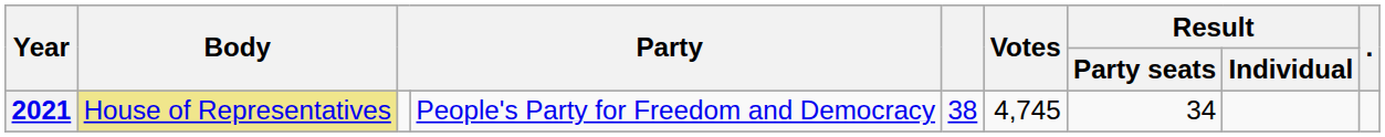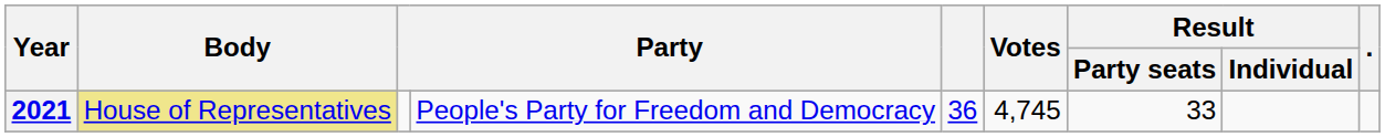 <table class="wikitable plainrowheaders sortable" border=2 cellpadding=4 cellspacing=0 style="border: 1px #aaa solid; font-size: 90%; text-align:center;">
 <tr>
 <th scope="col" rowspan=2>Year</th>
 <th scope="col" rowspan=2>Body</th>
 <th scope="col" colspan=2 rowspan=2>Party</th>
 <th scope="col" rowspan=2></th>
 <th scope="col" rowspan=2>Votes</th>
 <th scope="colgroup" colspan=2>Result</th>
 <th scope="col" rowspan=2 class="unsortable">.</th>
 </tr>
 <tr>
 <th scope="col">Party seats</th>
 <th scope="col">Individual</th>
 </tr>
 <tr>
 <th scope="row"><a href='#'>2021</a></th>
 <td style="background: khaki;"><a href='#'>House of Representatives</a></td>
 <td style="background-color:"></td>
 <td><a href='#'>People's Party for Freedom and Democracy</a></td>
-<td style=text-align:right><a href='#'>38</a></td>
+<td style=text-align:right><a href='#'>36</a></td>
 <td style=text-align:right>4,745</td>
-<td style=text-align:right>34</td>
+<td style=text-align:right>33</td>
 <td></td>
 <td></td>
 </tr>
 </table>
